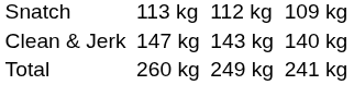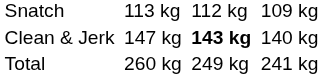 <table>
 <tr>
 <td>Snatch</td>
 <td></td>
 <td>113 kg</td>
 <td></td>
 <td>112 kg</td>
 <td></td>
 <td>109 kg</td>
 </tr>
 <tr>
 <td>Clean & Jerk</td>
 <td></td>
 <td>147 kg</td>
 <td></td>
-<td>143 kg</td>
+<td><strong>143 kg</strong></td>
 <td></td>
 <td>140 kg</td>
 </tr>
 <tr>
 <td>Total</td>
 <td></td>
 <td>260 kg</td>
 <td></td>
 <td>249 kg</td>
 <td></td>
 <td>241 kg</td>
 </tr>
 </table>
